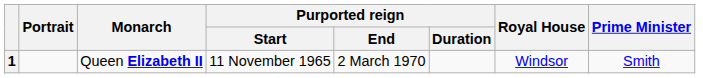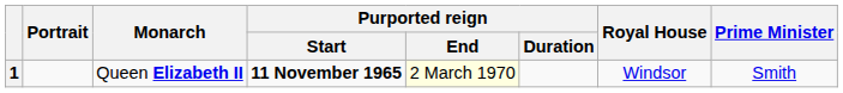 <table class="wikitable" style="font-size:100%;text-align:center">
 <tr>
 <th rowspan="2"></th>
 <th rowspan="2">Portrait</th>
 <th rowspan="2">Monarch<br></th>
 <th colspan="3">Purported reign</th>
 <th rowspan="2">Royal House</th>
 <th rowspan="2"><a href='#'>Prime Minister</a></th>
 </tr>
 <tr>
 <th>Start</th>
 <th>End</th>
 <th>Duration</th>
 </tr>
 <tr>
 <th>1</th>
 <td></td>
 <td>Queen <strong><a href='#'>Elizabeth II</a></strong><br></td>
-<td>11 November 1965</td>
-<td>2 March 1970</td>
+<td><strong>11 November 1965</strong></td>
+<td style="background: lightyellow;">2 March 1970</td>
 <td></td>
 <td><a href='#'>Windsor</a></td>
 <td><a href='#'>Smith</a></td>
 </tr>
 </table>
